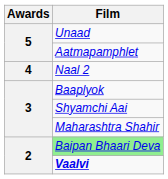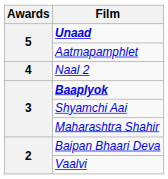 <table class="wikitable" style="display:inline-table;">
 <tr>
 <th>Awards</th>
 <th>Film</th>
 </tr>
 <tr>
 <th rowspan="2">5</th>
-<td><em><a href='#'>Unaad</a></em></td>
+<td><strong><em><a href='#'>Unaad</a></em></strong></td>
 </tr>
 <tr>
 <td><em><a href='#'>Aatmapamphlet</a></em></td>
 </tr>
 <tr>
 <th>4</th>
 <td><em><a href='#'>Naal 2</a></em></td>
 </tr>
 <tr>
 <th rowspan="3">3</th>
-<td><em><a href='#'>Baaplyok</a></em></td>
+<td><strong><em><a href='#'>Baaplyok</a></em></strong></td>
 </tr>
 <tr>
 <td><em><a href='#'>Shyamchi Aai</a></em></td>
 </tr>
 <tr>
 <td><em><a href='#'>Maharashtra Shahir</a></em></td>
 </tr>
 <tr>
 <th rowspan="2">2</th>
-<td style="background: lightgreen;"><em><a href='#'>Baipan Bhaari Deva</a></em></td>
+<td><em><a href='#'>Baipan Bhaari Deva</a></em></td>
 </tr>
 <tr>
-<td><strong><em><a href='#'>Vaalvi</a></em></strong></td>
+<td><em><a href='#'>Vaalvi</a></em></td>
 </tr>
 </table>
